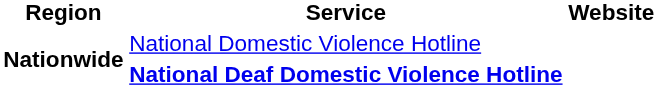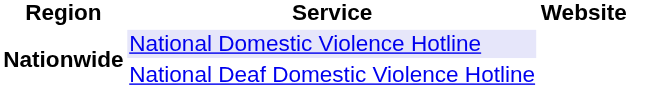 <table>
 <tr>
 <th>Region</th>
 <th>Service</th>
 <th>Website</th>
 </tr>
 <tr>
 <th rowspan="2">Nationwide</th>
-<td><a href='#'>National Domestic Violence Hotline</a></td>
+<td style="background: lavender;"><a href='#'>National Domestic Violence Hotline</a></td>
 <td></td>
 </tr>
 <tr>
-<td><strong><a href='#'>National Deaf Domestic Violence Hotline</a></strong></td>
+<td><a href='#'>National Deaf Domestic Violence Hotline</a></td>
 <td></td>
 </tr>
 </table>
